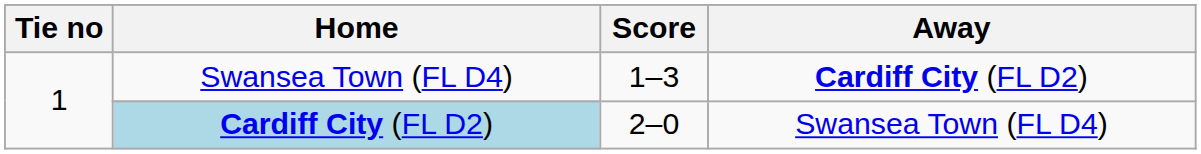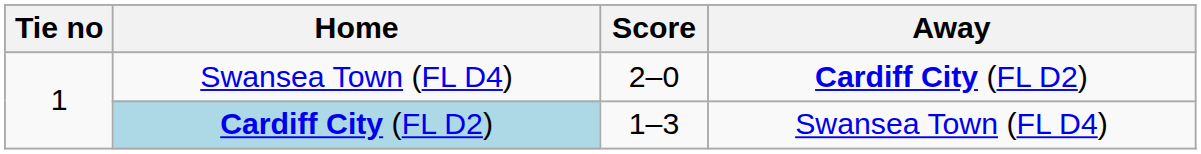 <table class="wikitable" style="text-align:center">
 <tr>
 <th width=50>Tie no</th>
 <th width=250>Home</th>
 <th width=50>Score</th>
 <th width=250>Away</th>
 </tr>
 <tr>
 <td rowspan=2>1</td>
 <td><a href='#'>Swansea Town</a> (<a href='#'>FL D4</a>)</td>
-<td>1–3</td>
+<td>2–0</td>
 <td><strong><a href='#'>Cardiff City</a></strong> (<a href='#'>FL D2</a>)</td>
 </tr>
 <tr>
 <td style="background: lightblue;"><strong><a href='#'>Cardiff City</a></strong> (<a href='#'>FL D2</a>)</td>
-<td>2–0</td>
+<td>1–3</td>
 <td><a href='#'>Swansea Town</a> (<a href='#'>FL D4</a>)</td>
 </tr>
 </table>
